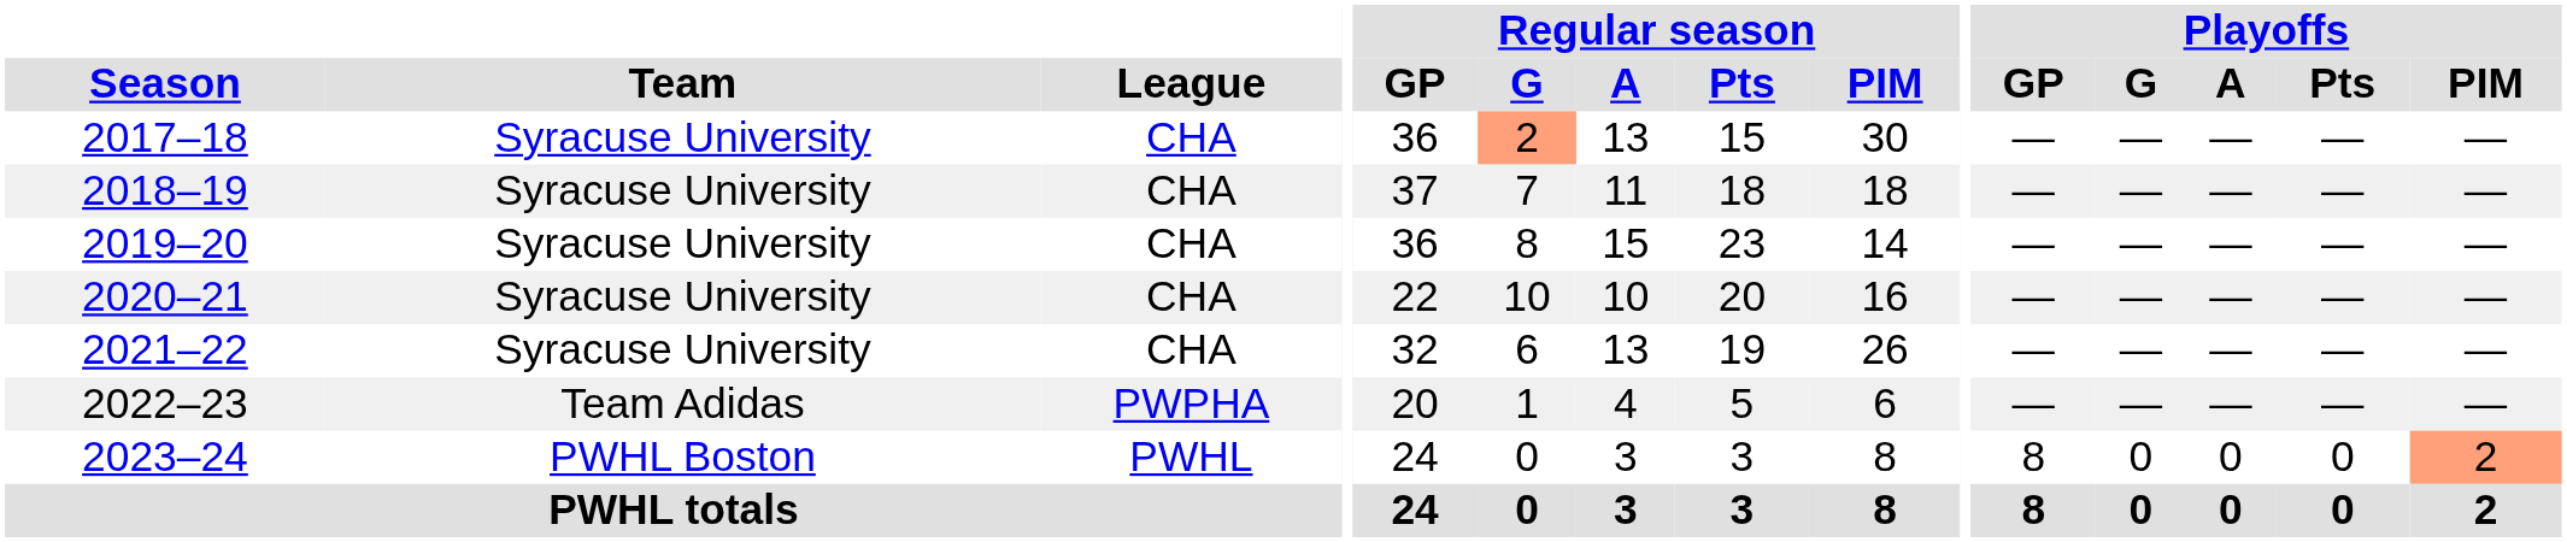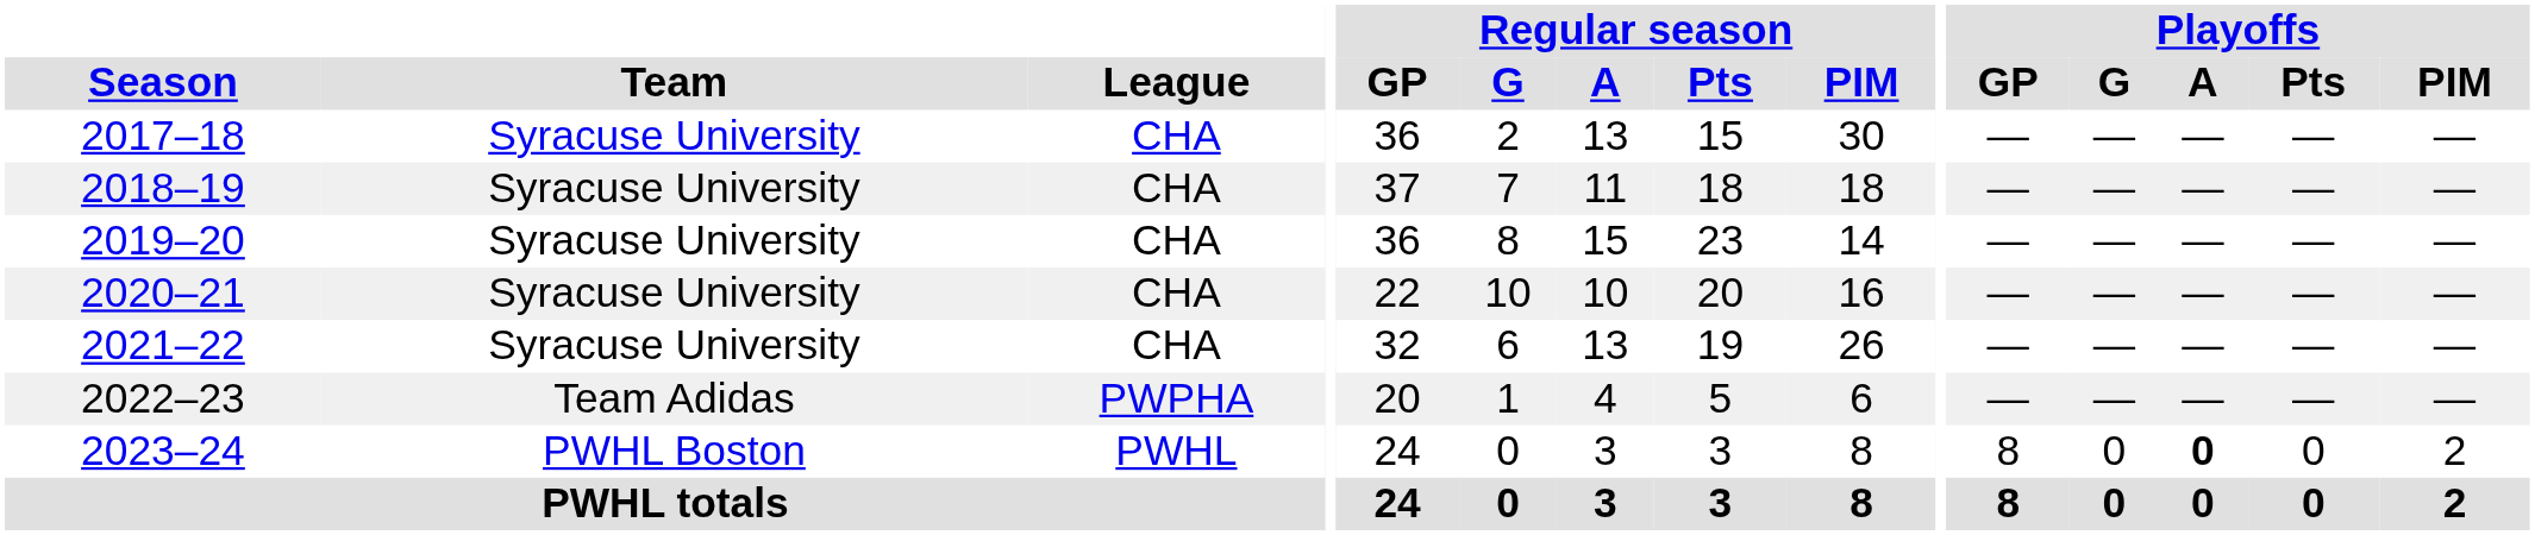 <table border="0" cellpadding="1" cellspacing="0" style="text-align:center; width:60em">
 <tr bgcolor="#e0e0e0">
 <th colspan="3" bgcolor="#ffffff"></th>
 <th rowspan="97" bgcolor="#ffffff"></th>
 <th colspan="5"><a href='#'>Regular season</a></th>
 <th rowspan="97" bgcolor="#ffffff"></th>
 <th colspan="5"><a href='#'>Playoffs</a></th>
 </tr>
 <tr bgcolor="#e0e0e0">
 <th><a href='#'>Season</a></th>
 <th>Team</th>
 <th>League</th>
 <th>GP</th>
 <th><a href='#'>G</a></th>
 <th><a href='#'>A</a></th>
 <th><a href='#'>Pts</a></th>
 <th><a href='#'>PIM</a></th>
 <th>GP</th>
 <th>G</th>
 <th>A</th>
 <th>Pts</th>
 <th>PIM</th>
 </tr>
 <tr>
 <td><a href='#'>2017–18</a></td>
 <td><a href='#'>Syracuse University</a></td>
 <td><a href='#'>CHA</a></td>
 <td>36</td>
-<td style="background: lightsalmon;">2</td>
+<td>2</td>
 <td>13</td>
 <td>15</td>
 <td>30</td>
 <td>—</td>
 <td>—</td>
 <td>—</td>
 <td>—</td>
 <td>—</td>
 </tr>
 <tr bgcolor="#f0f0f0">
 <td><a href='#'>2018–19</a></td>
 <td>Syracuse University</td>
 <td>CHA</td>
 <td>37</td>
 <td>7</td>
 <td>11</td>
 <td>18</td>
 <td>18</td>
 <td>—</td>
 <td>—</td>
 <td>—</td>
 <td>—</td>
 <td>—</td>
 </tr>
 <tr>
 <td><a href='#'>2019–20</a></td>
 <td>Syracuse University</td>
 <td>CHA</td>
 <td>36</td>
 <td>8</td>
 <td>15</td>
 <td>23</td>
 <td>14</td>
 <td>—</td>
 <td>—</td>
 <td>—</td>
 <td>—</td>
 <td>—</td>
 </tr>
 <tr bgcolor="#f0f0f0">
 <td><a href='#'>2020–21</a></td>
 <td>Syracuse University</td>
 <td>CHA</td>
 <td>22</td>
 <td>10</td>
 <td>10</td>
 <td>20</td>
 <td>16</td>
 <td>—</td>
 <td>—</td>
 <td>—</td>
 <td>—</td>
 <td>—</td>
 </tr>
 <tr>
 <td><a href='#'>2021–22</a></td>
 <td>Syracuse University</td>
 <td>CHA</td>
 <td>32</td>
 <td>6</td>
 <td>13</td>
 <td>19</td>
 <td>26</td>
 <td>—</td>
 <td>—</td>
 <td>—</td>
 <td>—</td>
 <td>—</td>
 </tr>
 <tr bgcolor="#f0f0f0">
 <td>2022–23</td>
 <td>Team Adidas</td>
 <td><a href='#'>PWPHA</a></td>
 <td>20</td>
 <td>1</td>
 <td>4</td>
 <td>5</td>
 <td>6</td>
 <td>—</td>
 <td>—</td>
 <td>—</td>
 <td>—</td>
 <td>—</td>
 </tr>
 <tr>
 <td><a href='#'>2023–24</a></td>
 <td><a href='#'>PWHL Boston</a></td>
 <td><a href='#'>PWHL</a></td>
 <td>24</td>
 <td>0</td>
 <td>3</td>
 <td>3</td>
 <td>8</td>
 <td>8</td>
 <td>0</td>
+<td><strong>0</strong></td>
 <td>0</td>
-<td>0</td>
-<td style="background: lightsalmon;">2</td>
+<td>2</td>
 </tr>
 <tr bgcolor="#e0e0e0">
 <th colspan="3">PWHL totals</th>
 <th>24</th>
 <th>0</th>
 <th>3</th>
 <th>3</th>
 <th>8</th>
 <th>8</th>
 <th>0</th>
 <th>0</th>
 <th>0</th>
 <th>2</th>
 </tr>
 </table>
